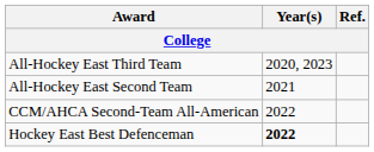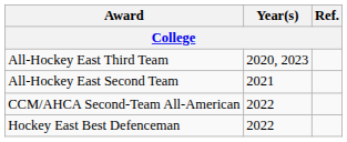 <table class="wikitable">
 <tr>
 <th>Award</th>
 <th>Year(s)</th>
 <th>Ref.</th>
 </tr>
 <tr>
 <th colspan="3"><a href='#'>College</a></th>
 </tr>
 <tr>
 <td>All-Hockey East Third Team</td>
 <td>2020, 2023</td>
 <td></td>
 </tr>
 <tr>
 <td>All-Hockey East Second Team</td>
 <td>2021</td>
 <td></td>
 </tr>
 <tr>
 <td>CCM/AHCA Second-Team All-American</td>
 <td>2022</td>
 <td></td>
 </tr>
 <tr>
 <td>Hockey East Best Defenceman</td>
-<td><strong>2022</strong></td>
+<td>2022</td>
 <td></td>
 </tr>
 </table>
